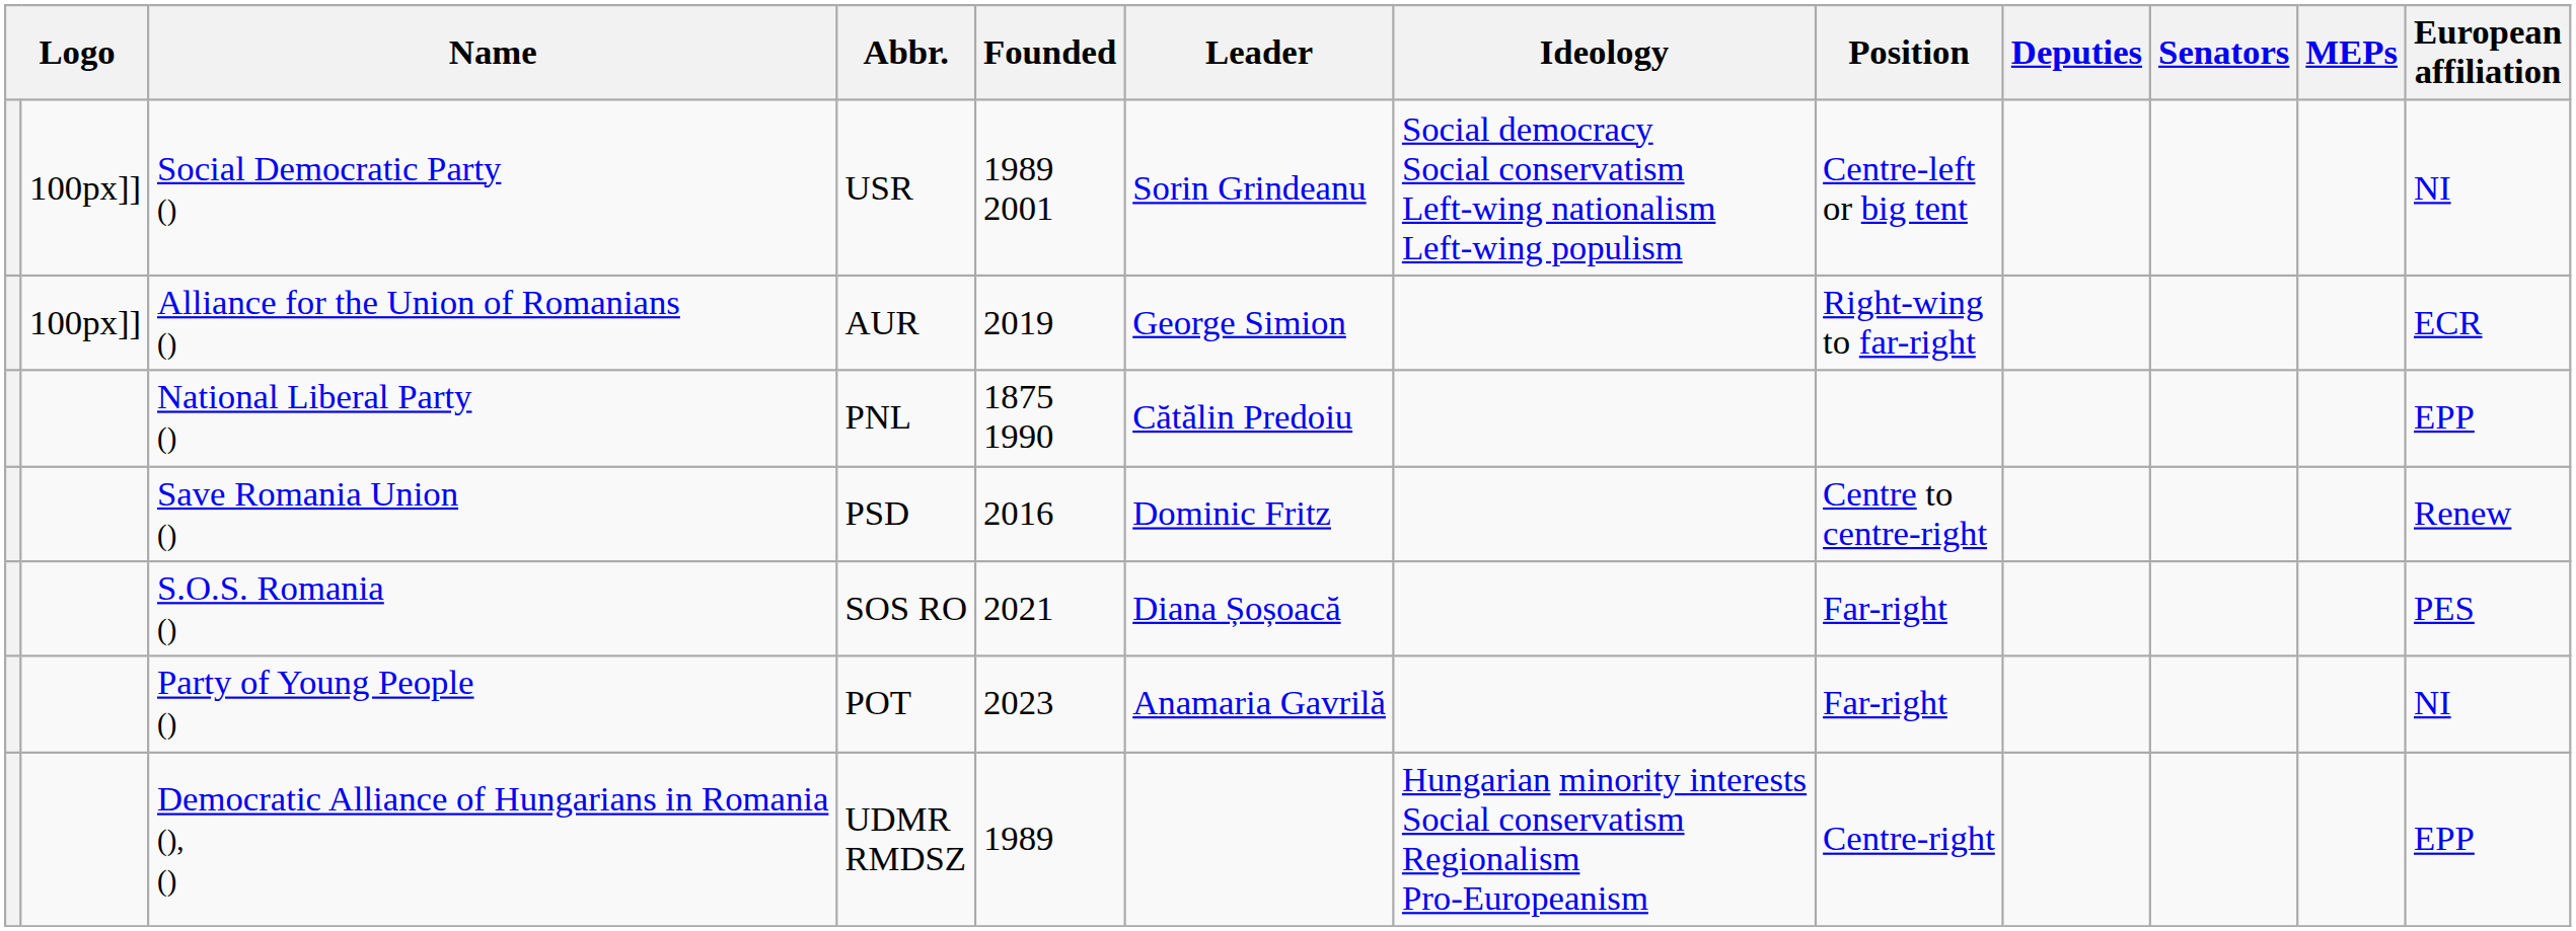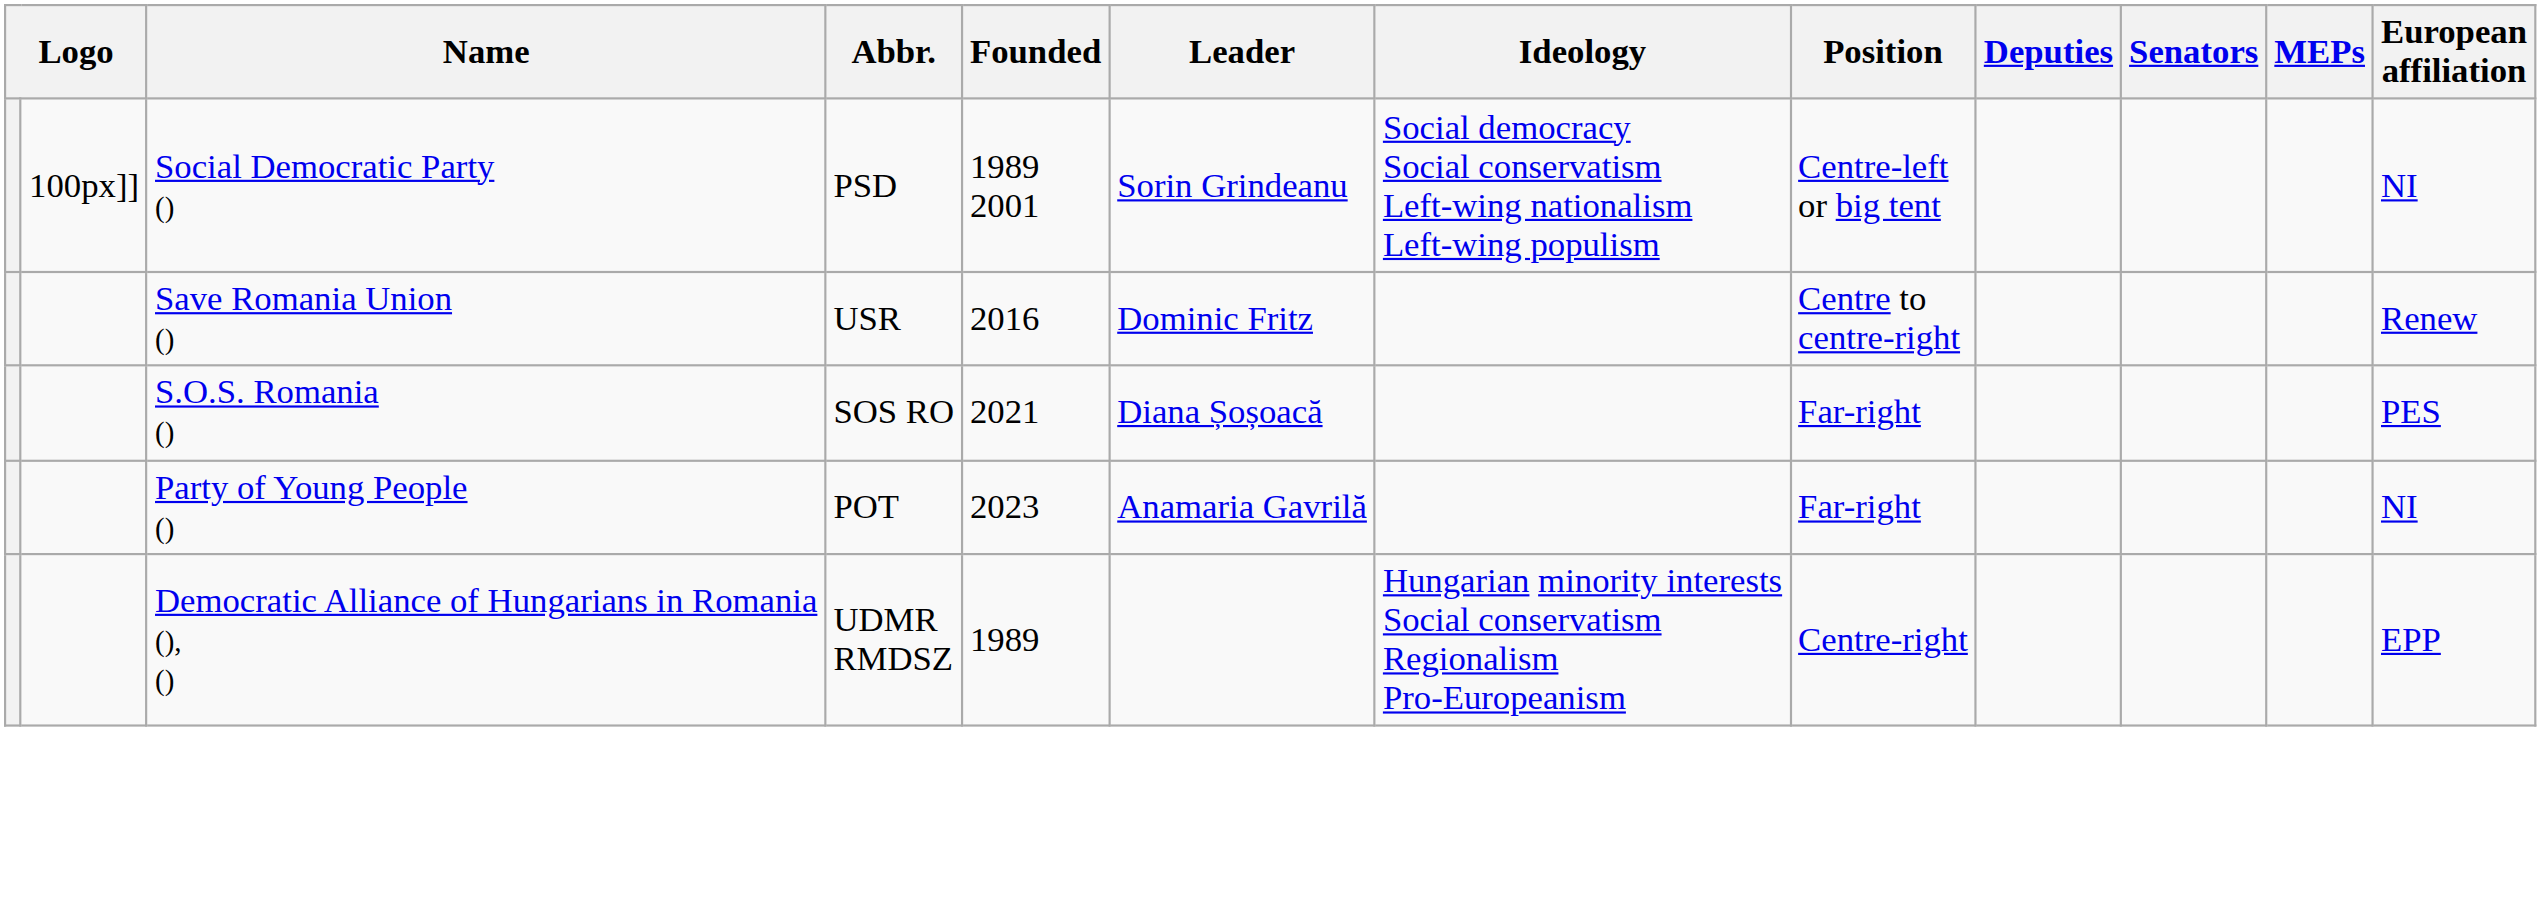 <table class="wikitable sortable">
 <tr>
 <th colspan="2">Logo</th>
 <th>Name</th>
 <th>Abbr.</th>
 <th>Founded</th>
 <th>Leader</th>
 <th>Ideology</th>
 <th>Position</th>
 <th><a href='#'>Deputies</a></th>
 <th><a href='#'>Senators</a></th>
 <th><a href='#'>MEPs</a></th>
 <th>European<br>affiliation</th>
 </tr>
 <tr>
 <th style="background-color: "></th>
 <td [[File:Logo of the Social Democratic Party (Romania).svg>100px]]</td>
 <td><a href='#'>Social Democratic Party</a> <br><small>()</small></td>
-<td>USR</td>
+<td>PSD</td>
 <td>1989<br>2001</td>
 <td><a href='#'>Sorin Grindeanu</a></td>
 <td><a href='#'>Social democracy</a><br><a href='#'>Social conservatism</a><br><a href='#'>Left-wing nationalism</a><br><a href='#'>Left-wing populism</a></td>
 <td><a href='#'>Centre-left</a><br>or <a href='#'>big tent</a></td>
 <td></td>
 <td></td>
 <td></td>
 <td><a href='#'>NI</a></td>
 </tr>
 <tr>
 <th style="background-color: "></th>
-<td [[File:Logo of the Alliance for the Union of Romanians.svg>100px]]</td>
-<td><a href='#'>Alliance for the Union of Romanians</a> <br><small>()</small></td>
-<td>AUR</td>
-<td>2019</td>
-<td><a href='#'>George Simion</a></td>
-<td></td>
-<td><a href='#'>Right-wing</a><br>to <a href='#'>far-right</a></td>
-<td></td>
-<td></td>
-<td></td>
-<td><a href='#'>ECR</a> <br></td>
-</tr>
-<tr>
-<th style="background-color: "></th>
-<td></td>
-<td><a href='#'>National Liberal Party</a> <br> <small>()</small></td>
-<td>PNL</td>
-<td>1875<br>1990</td>
-<td><a href='#'>Cătălin Predoiu</a></td>
-<td></td>
-<td></td>
-<td></td>
-<td></td>
-<td></td>
-<td><a href='#'>EPP</a></td>
-</tr>
-<tr>
-<th style="background-color: "></th>
 <td></td>
 <td><a href='#'>Save Romania Union</a> <br><small>()</small></td>
-<td>PSD</td>
+<td>USR</td>
 <td>2016</td>
 <td><a href='#'>Dominic Fritz</a></td>
 <td></td>
 <td><a href='#'>Centre</a> to <br> <a href='#'>centre-right</a></td>
 <td></td>
 <td></td>
 <td></td>
 <td><a href='#'>Renew</a></td>
 </tr>
 <tr>
 <th style="background-color: "></th>
 <td></td>
 <td><a href='#'>S.O.S. Romania</a> <br><small>()</small></td>
 <td>SOS RO</td>
 <td>2021</td>
 <td><a href='#'>Diana Șoșoacă</a></td>
 <td></td>
 <td><a href='#'>Far-right</a></td>
 <td></td>
 <td></td>
 <td></td>
 <td><a href='#'>PES</a></td>
 </tr>
 <tr>
 <th style="background-color: "></th>
 <td></td>
 <td><a href='#'>Party of Young People</a> <br><small>()</small></td>
 <td>POT</td>
 <td>2023</td>
 <td><a href='#'>Anamaria Gavrilă</a></td>
 <td></td>
 <td><a href='#'>Far-right</a></td>
 <td></td>
 <td></td>
 <td></td>
 <td><a href='#'>NI</a></td>
 </tr>
 <tr>
 <th style="background-color: "></th>
 <td></td>
 <td><a href='#'>Democratic Alliance of Hungarians in Romania</a> <br><small>(),  <br> ()</small></td>
 <td>UDMR<br>RMDSZ</td>
 <td>1989</td>
 <td></td>
 <td><a href='#'>Hungarian</a> <a href='#'>minority interests</a><br><a href='#'>Social conservatism</a><br><a href='#'>Regionalism</a><br><a href='#'>Pro-Europeanism</a></td>
 <td><a href='#'>Centre-right</a></td>
 <td></td>
 <td></td>
 <td></td>
 <td><a href='#'>EPP</a></td>
 </tr>
 </table>
